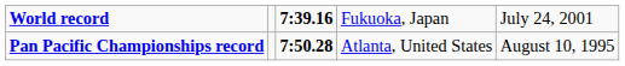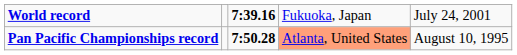 <table class="wikitable">
 <tr>
 <td><strong><a href='#'>World record</a></strong></td>
 <td></td>
 <td><strong>7:39.16</strong></td>
 <td><a href='#'>Fukuoka</a>, Japan</td>
 <td>July 24, 2001</td>
 </tr>
 <tr>
 <td><strong><a href='#'>Pan Pacific Championships record</a></strong></td>
 <td></td>
 <td><strong>7:50.28</strong></td>
-<td><a href='#'>Atlanta</a>, United States</td>
+<td style="background: lightsalmon;"><a href='#'>Atlanta</a>, United States</td>
 <td>August 10, 1995</td>
 </tr>
 </table>
